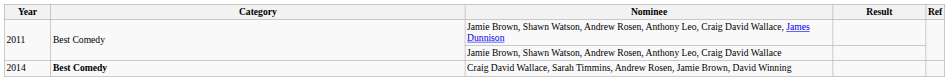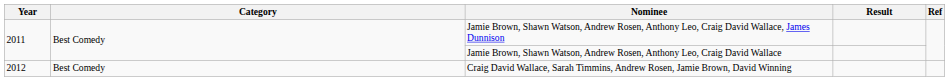 <table class="wikitable">
 <tr>
 <th width=5%>Year</th>
 <th width=45%>Category</th>
 <th width=40%>Nominee</th>
 <th width=10%>Result</th>
 <th width=5%>Ref</th>
 </tr>
 <tr>
 <td rowspan="2">2011</td>
 <td rowspan="2">Best Comedy</td>
 <td>Jamie Brown, Shawn Watson, Andrew Rosen, Anthony Leo, Craig David Wallace, <a href='#'>James Dunnison</a></td>
 <td></td>
 <td rowspan="2"></td>
 </tr>
 <tr>
 <td>Jamie Brown, Shawn Watson, Andrew Rosen, Anthony Leo, Craig David Wallace</td>
 <td></td>
 </tr>
 <tr>
-<td>2014</td>
-<td><strong>Best Comedy</strong></td>
+<td>2012</td>
+<td>Best Comedy</td>
 <td>Craig David Wallace, Sarah Timmins, Andrew Rosen, Jamie Brown, David Winning</td>
 <td></td>
 <td></td>
 </tr>
 </table>
